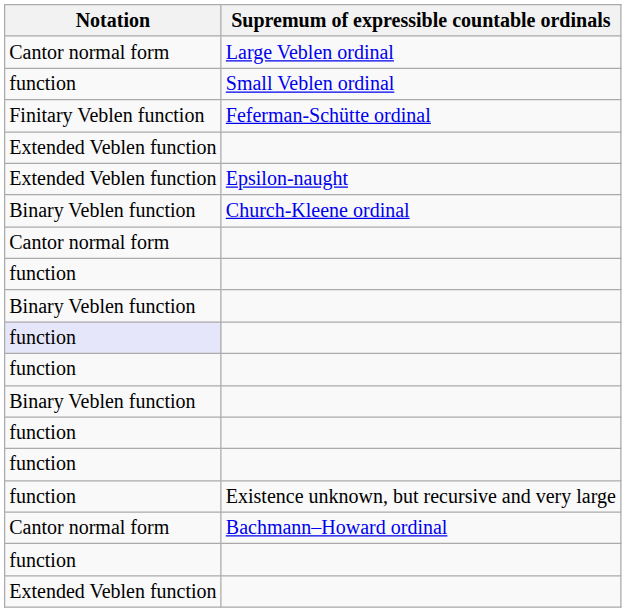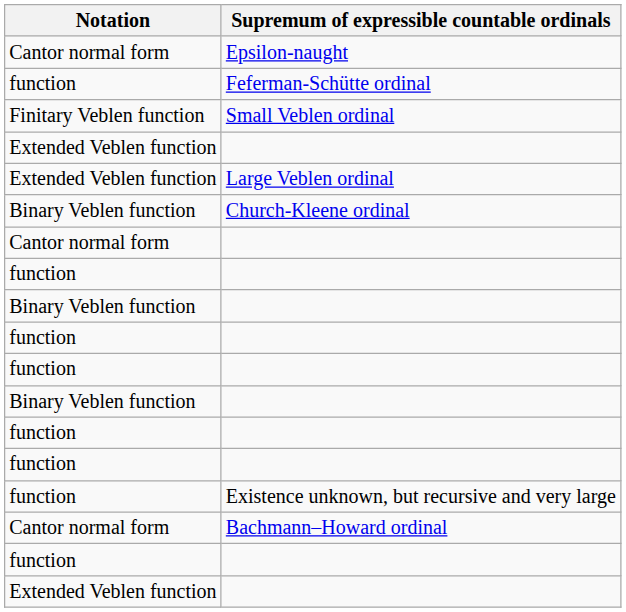 <table class="wikitable">
 <tr>
 <th>Notation</th>
 <th>Supremum of expressible countable ordinals</th>
 </tr>
 <tr>
 <td>Cantor normal form</td>
-<td><a href='#'>Large Veblen ordinal</a></td>
+<td><a href='#'>Epsilon-naught</a></td>
 </tr>
 <tr>
 <td> function</td>
-<td><a href='#'>Small Veblen ordinal</a></td>
+<td><a href='#'>Feferman-Schütte ordinal</a></td>
 </tr>
 <tr>
 <td>Finitary Veblen function</td>
-<td><a href='#'>Feferman-Schütte ordinal</a></td>
+<td><a href='#'>Small Veblen ordinal</a></td>
 </tr>
 <tr>
 <td>Extended Veblen function</td>
 <td></td>
 </tr>
 <tr>
 <td>Extended Veblen function</td>
-<td><a href='#'>Epsilon-naught</a></td>
+<td><a href='#'>Large Veblen ordinal</a></td>
 </tr>
 <tr>
 <td>Binary Veblen function</td>
 <td><a href='#'>Church-Kleene ordinal</a></td>
 </tr>
 <tr>
 <td>Cantor normal form</td>
 <td></td>
 </tr>
 <tr>
 <td> function</td>
 <td></td>
 </tr>
 <tr>
 <td>Binary Veblen function</td>
 <td><a href='#'></a></td>
 </tr>
 <tr>
-<td style="background: lavender;"> function</td>
+<td> function</td>
 <td></td>
 </tr>
 <tr>
 <td> function</td>
 <td></td>
 </tr>
 <tr>
 <td>Binary Veblen function</td>
 <td></td>
 </tr>
 <tr>
 <td> function</td>
 <td></td>
 </tr>
 <tr>
 <td> function</td>
 <td></td>
 </tr>
 <tr>
 <td> function</td>
 <td>Existence unknown, but recursive and very large</td>
 </tr>
 <tr>
 <td>Cantor normal form</td>
 <td><a href='#'>Bachmann–Howard ordinal</a></td>
 </tr>
 <tr>
 <td> function</td>
 <td></td>
 </tr>
 <tr>
 <td>Extended Veblen function</td>
 <td></td>
 </tr>
 </table>
